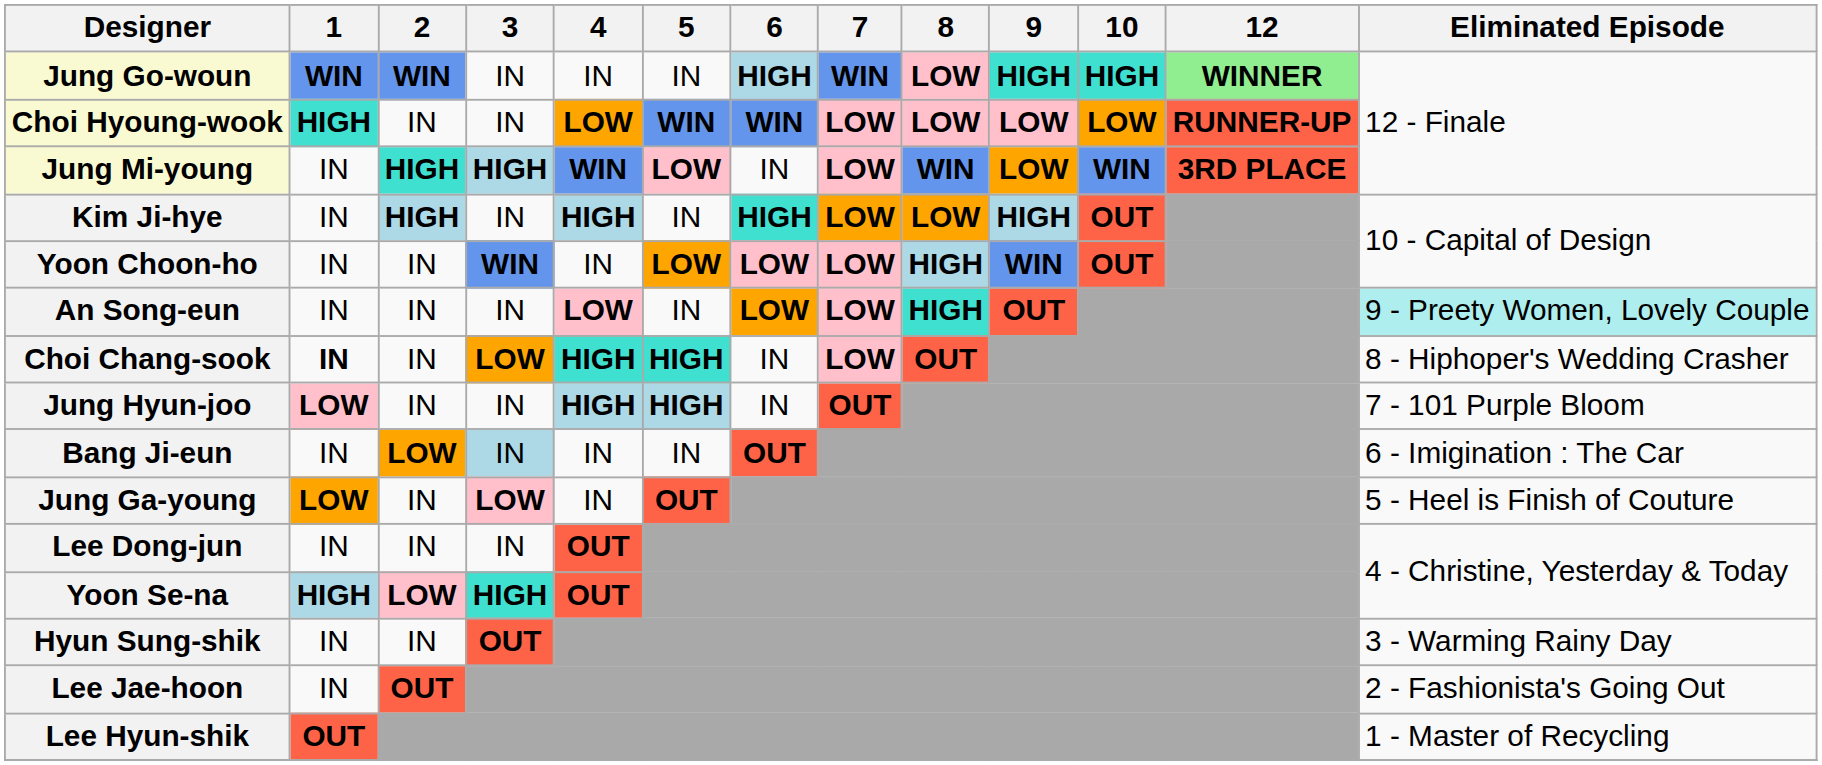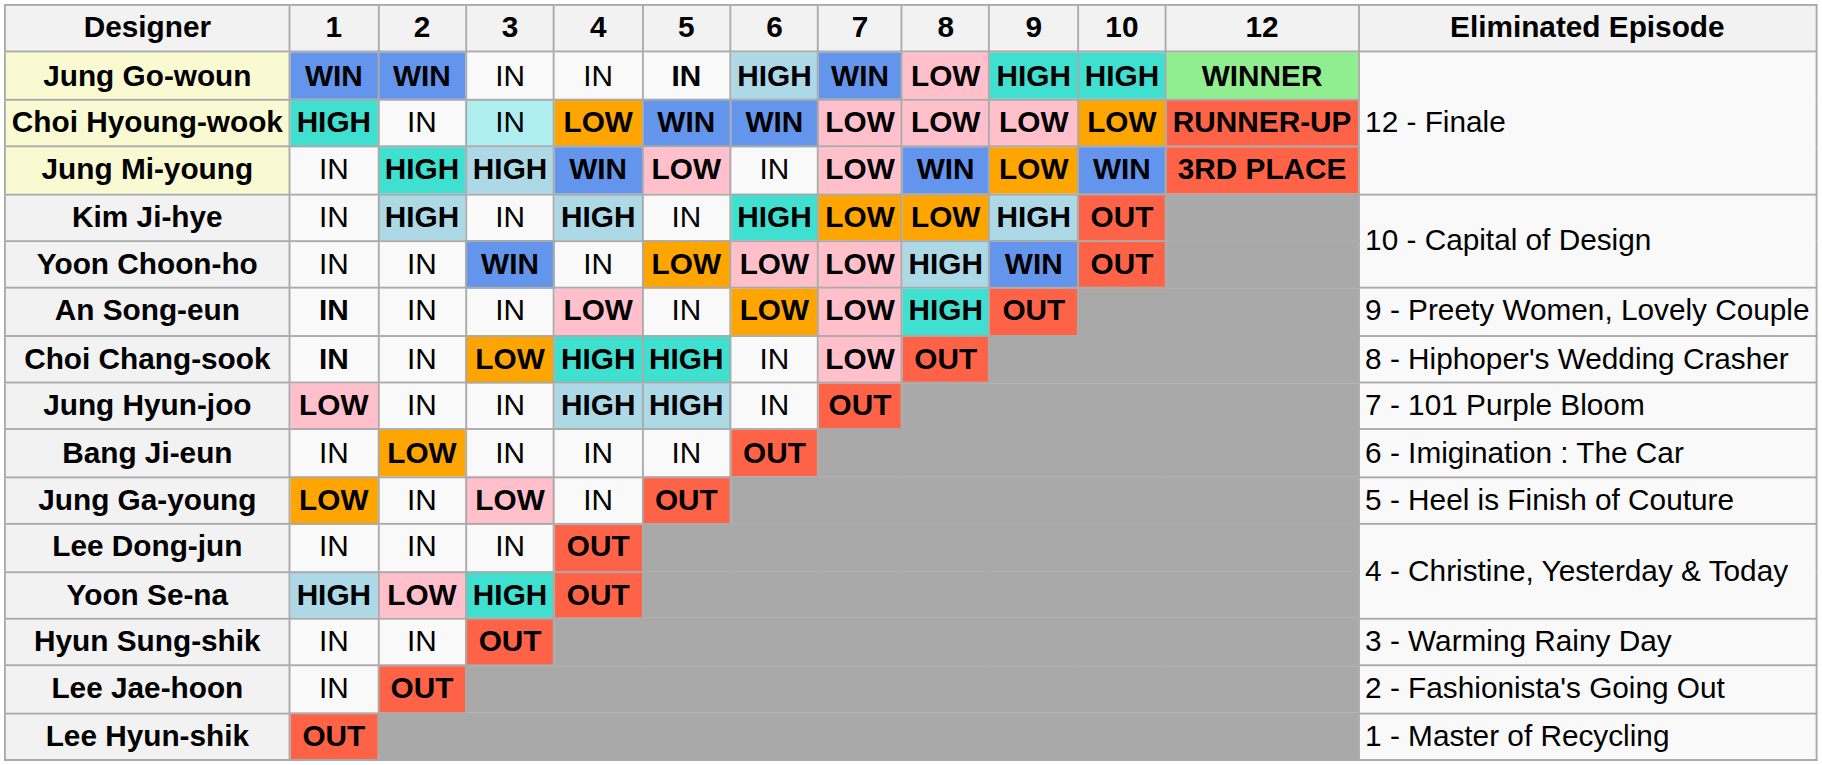 <table class="wikitable" style="text-align:center">
 <tr>
 <th>Designer</th>
 <th>1</th>
 <th>2</th>
 <th>3</th>
 <th>4</th>
 <th>5</th>
 <th>6</th>
 <th>7</th>
 <th>8</th>
 <th>9</th>
 <th>10</th>
 <th>12</th>
 <th>Eliminated Episode</th>
 </tr>
 <tr>
 <th style="background:#FAFAD2;">Jung Go-woun</th>
 <td style="background:cornflowerblue;"><strong>WIN</strong></td>
 <td style="background:cornflowerblue;"><strong>WIN</strong></td>
 <td>IN</td>
 <td>IN</td>
-<td>IN</td>
+<td><strong>IN</strong></td>
 <td style="background:lightblue;"><strong>HIGH</strong></td>
 <td style="background:cornflowerblue;"><strong>WIN</strong></td>
 <td style="background:pink;"><strong>LOW</strong></td>
 <td style="background:turquoise;"><strong>HIGH</strong></td>
 <td style="background:turquoise;"><strong>HIGH</strong></td>
 <td style="background:lightgreen;"><strong>WINNER</strong></td>
 <td style="text-align:left" rowspan="3">12 - Finale</td>
 </tr>
 <tr>
 <th style="background:#FAFAD2;">Choi Hyoung-wook</th>
 <td style="background:turquoise;"><strong>HIGH</strong></td>
 <td>IN</td>
-<td>IN</td>
+<td style="background: paleturquoise;">IN</td>
 <td style="background:orange;"><strong>LOW</strong></td>
 <td style="background:cornflowerblue;"><strong>WIN</strong></td>
 <td style="background:cornflowerblue;"><strong>WIN</strong></td>
 <td style="background:pink;"><strong>LOW</strong></td>
 <td style="background:pink;"><strong>LOW</strong></td>
 <td style="background:pink;"><strong>LOW</strong></td>
 <td style="background:orange;"><strong>LOW</strong></td>
 <td style="background:tomato;"><strong>RUNNER-UP</strong></td>
 </tr>
 <tr>
 <th style="background:#FAFAD2;">Jung Mi-young</th>
 <td>IN</td>
 <td style="background:turquoise;"><strong>HIGH</strong></td>
 <td style="background:lightblue;"><strong>HIGH</strong></td>
 <td style="background:cornflowerblue;"><strong>WIN</strong></td>
 <td style="background:pink;"><strong>LOW</strong></td>
 <td>IN</td>
 <td style="background:pink;"><strong>LOW</strong></td>
 <td style="background:cornflowerblue;"><strong>WIN</strong></td>
 <td style="background:orange;"><strong>LOW</strong></td>
 <td style="background:cornflowerblue;"><strong>WIN</strong></td>
 <td style="background:tomato;"><strong>3RD PLACE</strong></td>
 </tr>
 <tr>
 <th>Kim Ji-hye</th>
 <td>IN</td>
 <td style="background:lightblue;"><strong>HIGH</strong></td>
 <td>IN</td>
 <td style="background:lightblue;"><strong>HIGH</strong></td>
 <td>IN</td>
 <td style="background:turquoise;"><strong>HIGH</strong></td>
 <td style="background:orange;"><strong>LOW</strong></td>
 <td style="background:orange;"><strong>LOW</strong></td>
 <td style="background:lightblue;"><strong>HIGH</strong></td>
 <td style="background:tomato;"><strong>OUT</strong></td>
 <td colspan=1 style="background:darkgray;"></td>
 <td style="text-align:left" rowspan="2">10 - Capital of Design</td>
 </tr>
 <tr>
 <th>Yoon Choon-ho</th>
 <td>IN</td>
 <td>IN</td>
 <td style="background:cornflowerblue;"><strong>WIN</strong></td>
 <td>IN</td>
 <td style="background:orange;"><strong>LOW</strong></td>
 <td style="background:pink;"><strong>LOW</strong></td>
 <td style="background:pink;"><strong>LOW</strong></td>
 <td style="background:lightblue;"><strong>HIGH</strong></td>
 <td style="background:cornflowerblue;"><strong>WIN</strong></td>
 <td style="background:tomato;"><strong>OUT</strong></td>
 <td colspan=1 style="background:darkgray;"></td>
 </tr>
 <tr>
 <th>An Song-eun</th>
-<td>IN</td>
+<td><strong>IN</strong></td>
 <td>IN</td>
 <td>IN</td>
 <td style="background:pink;"><strong>LOW</strong></td>
 <td>IN</td>
 <td style="background:orange;"><strong>LOW</strong></td>
 <td style="background:pink;"><strong>LOW</strong></td>
 <td style="background:turquoise;"><strong>HIGH</strong></td>
 <td style="background:tomato;"><strong>OUT</strong></td>
 <td colspan=2 style="background:darkgray;"></td>
-<td style="background: paleturquoise; text-align:left">9 - Preety Women, Lovely Couple</td>
+<td style="text-align:left">9 - Preety Women, Lovely Couple</td>
 </tr>
 <tr>
 <th>Choi Chang-sook</th>
 <td><strong>IN</strong></td>
 <td>IN</td>
 <td style="background:orange;"><strong>LOW</strong></td>
 <td style="background:turquoise;"><strong>HIGH</strong></td>
 <td style="background:turquoise;"><strong>HIGH</strong></td>
 <td>IN</td>
 <td style="background:pink;"><strong>LOW</strong></td>
 <td style="background:tomato;"><strong>OUT</strong></td>
 <td colspan=3 style="background:darkgray;"></td>
 <td style="text-align:left">8 - Hiphoper's Wedding Crasher</td>
 </tr>
 <tr>
 <th>Jung Hyun-joo</th>
 <td style="background:pink;"><strong>LOW</strong></td>
 <td>IN</td>
 <td>IN</td>
 <td style="background:lightblue;"><strong>HIGH</strong></td>
 <td style="background:lightblue;"><strong>HIGH</strong></td>
 <td>IN</td>
 <td style="background:tomato;"><strong>OUT</strong></td>
 <td colspan=4 style="background:darkgray;"></td>
 <td style="text-align:left">7 - 101 Purple Bloom</td>
 </tr>
 <tr>
 <th>Bang Ji-eun</th>
 <td>IN</td>
 <td style="background:orange;"><strong>LOW</strong></td>
-<td style="background: lightblue;">IN</td>
+<td>IN</td>
 <td>IN</td>
 <td>IN</td>
 <td style="background:tomato;"><strong>OUT</strong></td>
 <td colspan=5 style="background:darkgray;"></td>
 <td style="text-align:left">6 - Imigination : The Car</td>
 </tr>
 <tr>
 <th>Jung Ga-young</th>
 <td style="background:orange;"><strong>LOW</strong></td>
 <td>IN</td>
 <td style="background:pink;"><strong>LOW</strong></td>
 <td>IN</td>
 <td style="background:tomato;"><strong>OUT</strong></td>
 <td colspan=6 style="background:darkgray;"></td>
 <td style="text-align:left">5 - Heel is Finish of Couture</td>
 </tr>
 <tr>
 <th>Lee Dong-jun</th>
 <td>IN</td>
 <td>IN</td>
 <td>IN</td>
 <td style="background:tomato;"><strong>OUT</strong></td>
 <td colspan=7 style="background:darkgray;"></td>
 <td style="text-align:left" rowspan="2">4 - Christine, Yesterday & Today</td>
 </tr>
 <tr>
 <th>Yoon Se-na</th>
 <td style="background:lightblue;"><strong>HIGH</strong></td>
 <td style="background:pink;"><strong>LOW</strong></td>
 <td style="background:turquoise;"><strong>HIGH</strong></td>
 <td style="background:tomato;"><strong>OUT</strong></td>
 <td colspan=7 style="background:darkgray;"></td>
 </tr>
 <tr>
 <th>Hyun Sung-shik</th>
 <td>IN</td>
 <td>IN</td>
 <td style="background:tomato;"><strong>OUT</strong></td>
 <td colspan=8 style="background:darkgray;"></td>
 <td style="text-align:left">3 - Warming Rainy Day</td>
 </tr>
 <tr>
 <th>Lee Jae-hoon</th>
 <td>IN</td>
 <td style="background:tomato;"><strong>OUT</strong></td>
 <td colspan=9 style="background:darkgray;"></td>
 <td style="text-align:left">2 - Fashionista's Going Out</td>
 </tr>
 <tr>
 <th>Lee Hyun-shik</th>
 <td style="background:tomato;"><strong>OUT</strong></td>
 <td colspan=10 style="background:darkgray;"></td>
 <td style="text-align:left">1 - Master of Recycling</td>
 </tr>
 <tr>
 </tr>
 </table>
